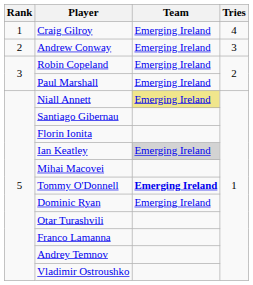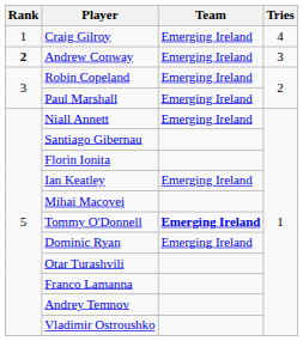 <table class="wikitable">
 <tr>
 <th>Rank</th>
 <th>Player</th>
 <th>Team</th>
 <th>Tries</th>
 </tr>
 <tr>
 <td style="text-align:center;">1</td>
 <td><a href='#'>Craig Gilroy</a></td>
 <td> <a href='#'>Emerging Ireland</a></td>
 <td style="text-align:center;">4</td>
 </tr>
 <tr>
-<td style="text-align:center;">2</td>
+<td style="text-align:center;"><strong>2</strong></td>
 <td><a href='#'>Andrew Conway</a></td>
 <td> <a href='#'>Emerging Ireland</a></td>
 <td style="text-align:center;">3</td>
 </tr>
 <tr>
 <td rowspan="2" style="text-align:center;">3</td>
 <td><a href='#'>Robin Copeland</a></td>
 <td> <a href='#'>Emerging Ireland</a></td>
 <td rowspan="2" style="text-align:center;">2</td>
 </tr>
 <tr>
 <td><a href='#'>Paul Marshall</a></td>
 <td> <a href='#'>Emerging Ireland</a></td>
 </tr>
 <tr>
 <td rowspan="11" style="text-align:center;">5</td>
 <td><a href='#'>Niall Annett</a></td>
-<td style="background: khaki;"> <a href='#'>Emerging Ireland</a></td>
+<td> <a href='#'>Emerging Ireland</a></td>
 <td rowspan="11" style="text-align:center;">1</td>
 </tr>
 <tr>
 <td><a href='#'>Santiago Gibernau</a></td>
 <td></td>
 </tr>
 <tr>
 <td><a href='#'>Florin Ionita</a></td>
 <td></td>
 </tr>
 <tr>
 <td><a href='#'>Ian Keatley</a></td>
-<td style="background: lightgrey;"> <a href='#'>Emerging Ireland</a></td>
+<td> <a href='#'>Emerging Ireland</a></td>
 </tr>
 <tr>
 <td><a href='#'>Mihai Macovei</a></td>
 <td></td>
 </tr>
 <tr>
 <td><a href='#'>Tommy O'Donnell</a></td>
 <td><strong> <a href='#'>Emerging Ireland</a></strong></td>
 </tr>
 <tr>
 <td><a href='#'>Dominic Ryan</a></td>
 <td> <a href='#'>Emerging Ireland</a></td>
 </tr>
 <tr>
 <td><a href='#'>Otar Turashvili</a></td>
 <td></td>
 </tr>
 <tr>
 <td><a href='#'>Franco Lamanna</a></td>
 <td></td>
 </tr>
 <tr>
 <td><a href='#'>Andrey Temnov</a></td>
 <td></td>
 </tr>
 <tr>
 <td><a href='#'>Vladimir Ostroushko</a></td>
 <td></td>
 </tr>
 </table>
